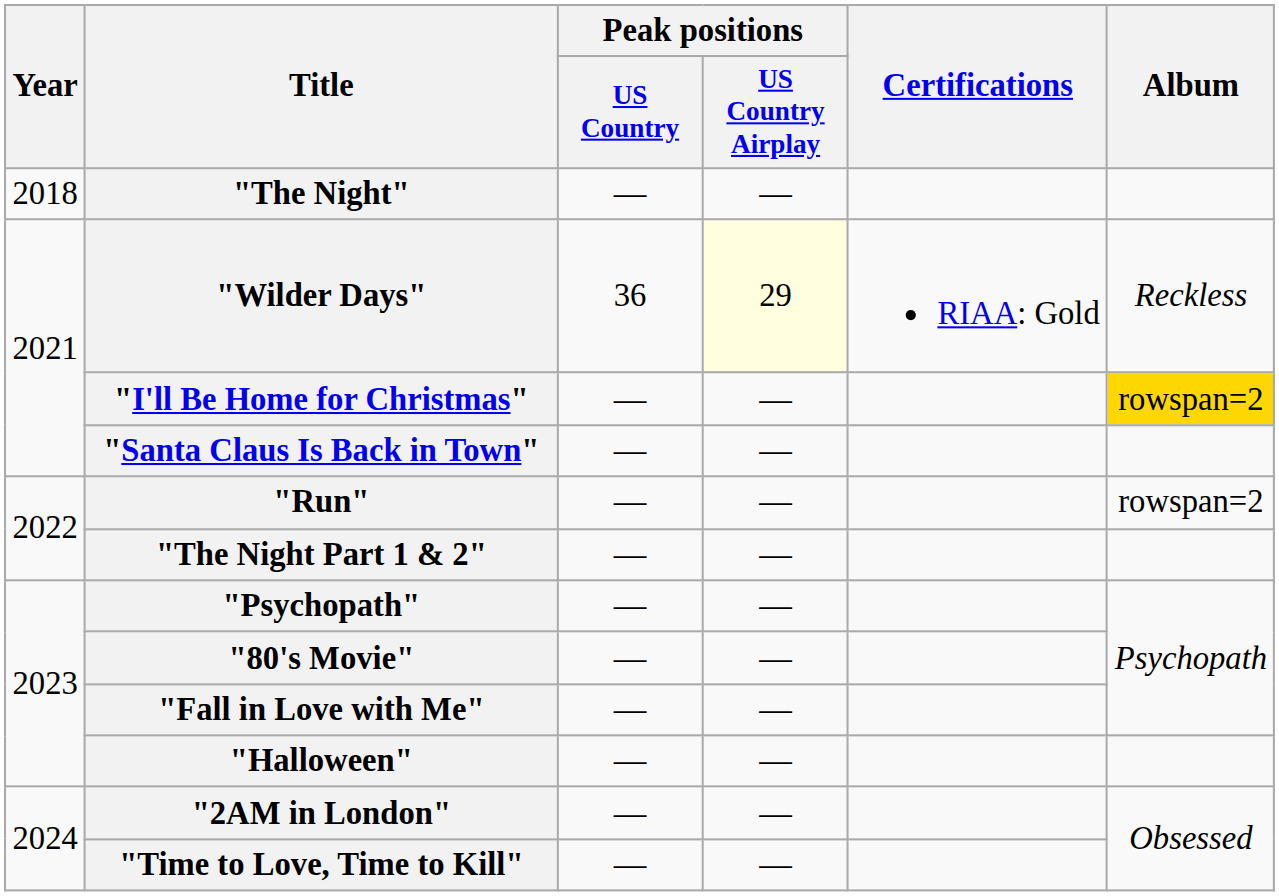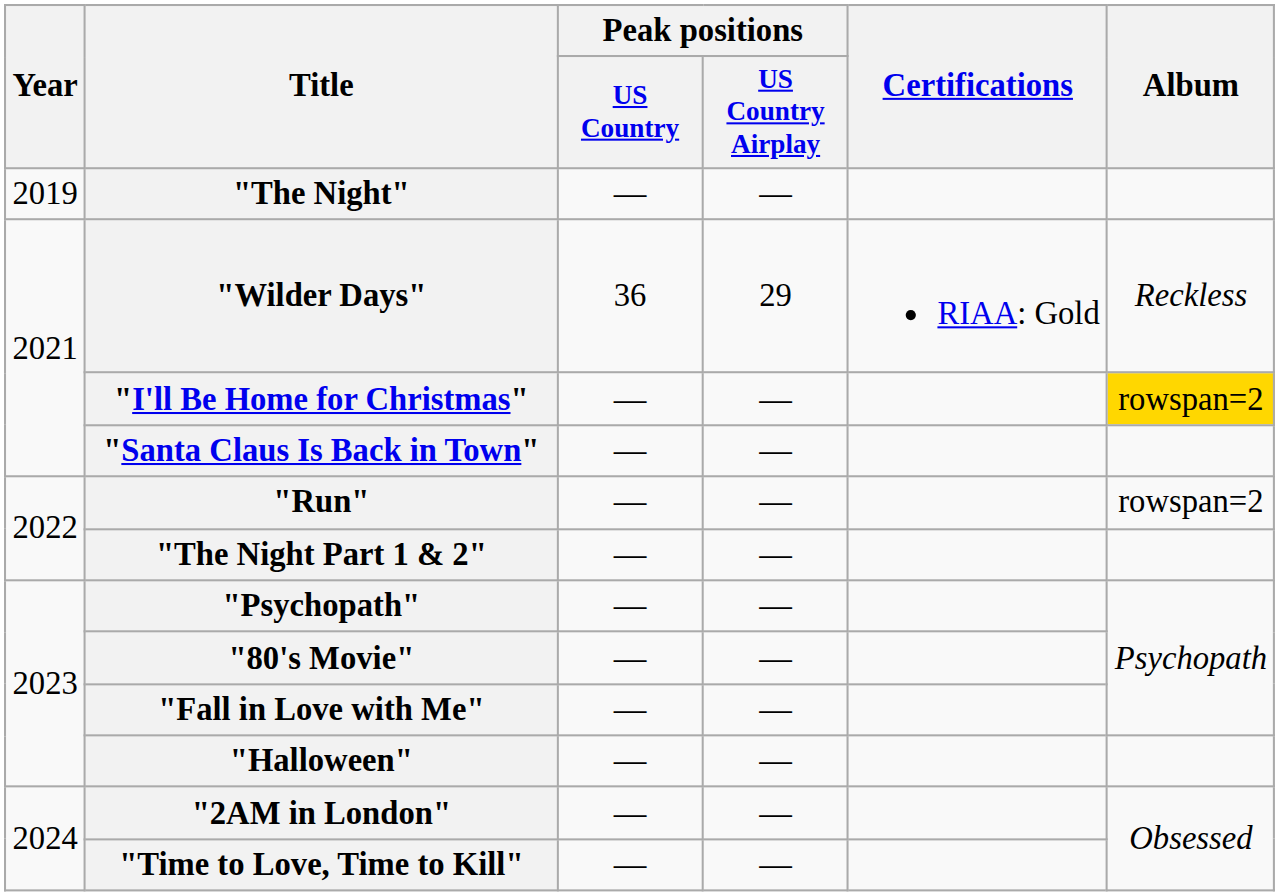 <table class="wikitable plainrowheaders" style="text-align:center;">
 <tr>
 <th scope="col" rowspan="2">Year</th>
 <th scope="col" rowspan="2" style="width:14em;">Title</th>
 <th scope="col" colspan="2">Peak positions</th>
 <th scope="col" rowspan="2"><a href='#'>Certifications</a></th>
 <th scope="col" rowspan="2">Album</th>
 </tr>
 <tr style="font-size:smaller;">
 <th scope="col" style="width:65px;"><a href='#'>US<br>Country</a><br></th>
 <th scope="col" style="width:65px;"><a href='#'>US<br>Country<br>Airplay</a><br></th>
 </tr>
 <tr>
-<td>2018</td>
+<td>2019</td>
 <th scope="row">"The Night"</th>
 <td>—</td>
 <td>—</td>
 <td></td>
 <td></td>
 </tr>
 <tr>
 <td rowspan=3>2021</td>
 <th scope="row">"Wilder Days"</th>
 <td>36</td>
-<td style="background: lightyellow;">29</td>
+<td>29</td>
 <td><br><ul><li><a href='#'>RIAA</a>: Gold</li></ul></td>
 <td><em>Reckless</em></td>
 </tr>
 <tr>
 <th scope="row">"<a href='#'>I'll Be Home for Christmas</a>"</th>
 <td>—</td>
 <td>—</td>
 <td></td>
 <td style="background: gold;">rowspan=2 </td>
 </tr>
 <tr>
 <th scope="row">"<a href='#'>Santa Claus Is Back in Town</a>"</th>
 <td>—</td>
 <td>—</td>
 <td></td>
 </tr>
 <tr>
 <td rowspan=2>2022</td>
 <th scope="row">"Run"</th>
 <td>—</td>
 <td>—</td>
 <td></td>
 <td>rowspan=2 </td>
 </tr>
 <tr>
 <th scope="row">"The Night Part 1 & 2"</th>
 <td>—</td>
 <td>—</td>
 <td></td>
 </tr>
 <tr>
 <td rowspan=4>2023</td>
 <th scope="row">"Psychopath"</th>
 <td>—</td>
 <td>—</td>
 <td></td>
 <td rowspan=3><em>Psychopath</em></td>
 </tr>
 <tr>
 <th scope="row">"80's Movie"</th>
 <td>—</td>
 <td>—</td>
 <td></td>
 </tr>
 <tr>
 <th scope="row">"Fall in Love with Me"</th>
 <td>—</td>
 <td>—</td>
 <td></td>
 </tr>
 <tr>
 <th scope="row">"Halloween"</th>
 <td>—</td>
 <td>—</td>
 <td></td>
 <td></td>
 </tr>
 <tr>
 <td rowspan=2>2024</td>
 <th scope="row">"2AM in London"</th>
 <td>—</td>
 <td>—</td>
 <td></td>
 <td rowspan=2><em>Obsessed</em></td>
 </tr>
 <tr>
 <th scope="row">"Time to Love, Time to Kill"</th>
 <td>—</td>
 <td>—</td>
 <td></td>
 </tr>
 </table>
